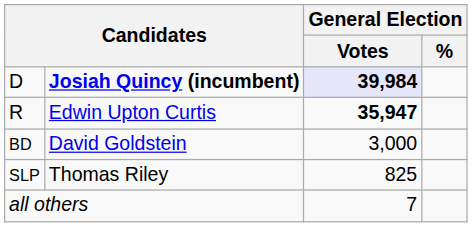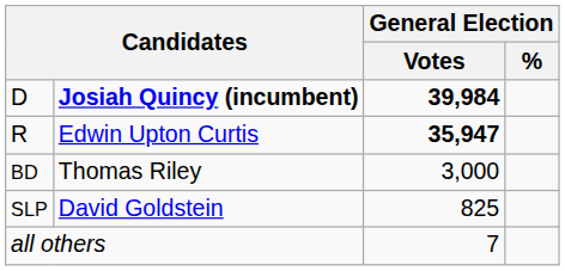 <table class=wikitable>
 <tr>
 <th colspan=2 rowspan=2><strong>Candidates</strong></th>
 <th colspan=2><strong>General Election</strong></th>
 </tr>
 <tr>
 <th>Votes</th>
 <th>%</th>
 </tr>
 <tr>
 <td>D</td>
 <td><strong><a href='#'>Josiah Quincy</a> (incumbent)</strong></td>
-<td align="right" style="background: lavender;"><strong>39,984</strong></td>
+<td align="right"><strong>39,984</strong></td>
 <td align="right"><strong></strong></td>
 </tr>
 <tr>
 <td>R</td>
 <td><a href='#'>Edwin Upton Curtis</a></td>
 <td align="right"><strong>35,947</strong></td>
 <td align="right"></td>
 </tr>
 <tr>
 <td><small>BD</small></td>
-<td><a href='#'>David Goldstein</a></td>
+<td>Thomas Riley</td>
 <td align="right">3,000</td>
 <td align="right"></td>
 </tr>
 <tr>
 <td><small>SLP</small></td>
-<td>Thomas Riley</td>
+<td><a href='#'>David Goldstein</a></td>
 <td align="right">825</td>
 <td align="right"></td>
 </tr>
 <tr>
 <td colspan=2><em>all others</em></td>
 <td align="right">7</td>
 <td align="right"></td>
 </tr>
 </table>
